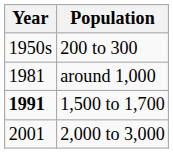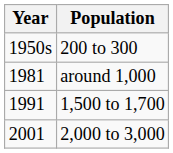 <table class=wikitable>
 <tr>
 <th>Year</th>
 <th>Population </th>
 </tr>
 <tr>
 <td>1950s</td>
 <td>200 to 300</td>
 </tr>
 <tr>
 <td>1981</td>
 <td>around 1,000</td>
 </tr>
 <tr>
-<td><strong>1991</strong></td>
+<td>1991</td>
 <td>1,500 to 1,700</td>
 </tr>
 <tr>
 <td>2001</td>
 <td>2,000 to 3,000</td>
 </tr>
 </table>
